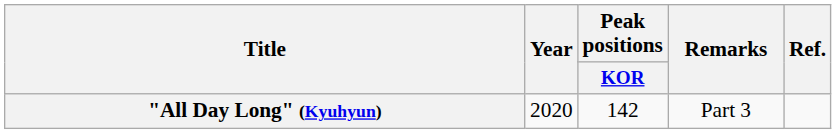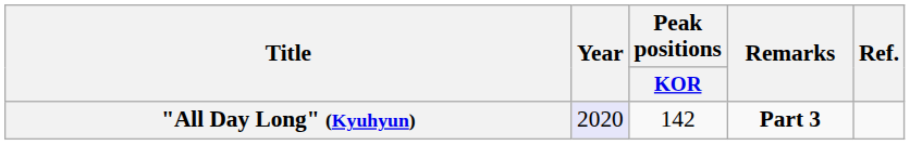 <table class="wikitable plainrowheaders" style="text-align:center;">
 <tr>
 <th scope="col" rowspan="2" style="width:24em;">Title</th>
 <th scope="col" rowspan="2" style="width:2em;">Year</th>
 <th scope="col" colspan="1">Peak<br>positions</th>
 <th scope="col" rowspan="2" style="width:5em;">Remarks</th>
 <th rowspan="2">Ref.</th>
 </tr>
 <tr>
 <th scope="col" style="width:2.5em;font-size:90%;"><a href='#'>KOR</a></th>
 </tr>
 <tr>
 <th scope="row">"All Day Long" <small>(<a href='#'>Kyuhyun</a>)</small></th>
-<td>2020</td>
+<td style="background: lavender;">2020</td>
 <td>142</td>
-<td>Part 3</td>
+<td><strong>Part 3</strong></td>
 <td></td>
 </tr>
 </table>
